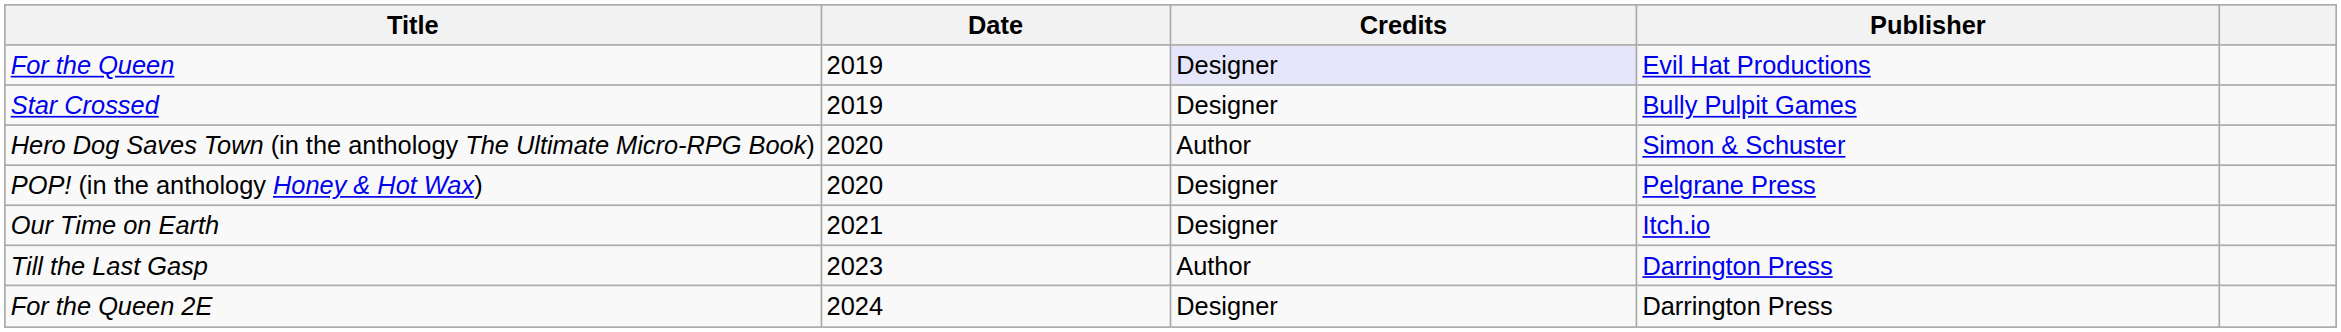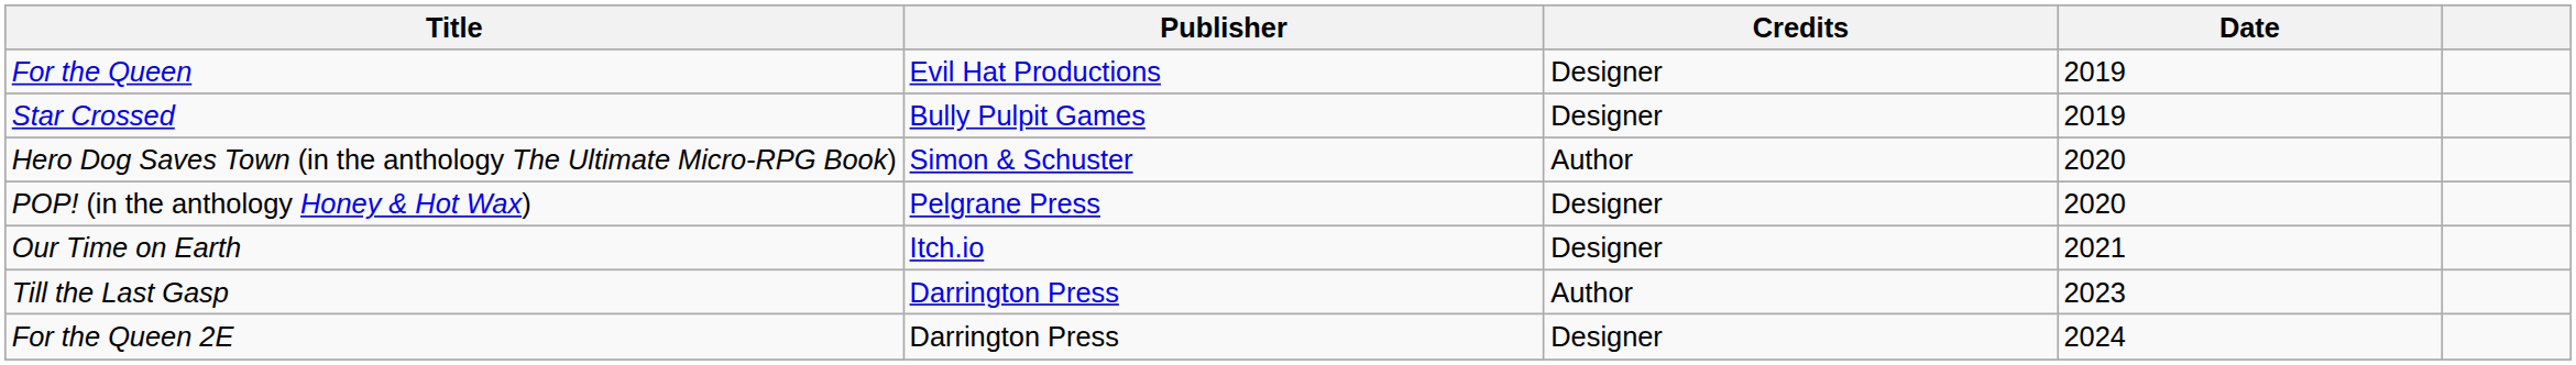 <table class="wikitable sortable" style="margins:auto; width=95%; font-size: 95%;">
 <tr>
 <th width="35%">Title</th>
+<th width="25%">Publisher</th>
+<th width="20%">Credits</th>
 <th width="15%">Date</th>
-<th width="20%">Credits</th>
-<th width="25%">Publisher</th>
 <th width="5%"></th>
 </tr>
 <tr>
 <td><a href='#'><em>For the Queen</em></a></td>
+<td><a href='#'>Evil Hat Productions</a></td>
+<td>Designer</td>
 <td>2019</td>
-<td style="background: lavender;">Designer</td>
-<td><a href='#'>Evil Hat Productions</a></td>
 <td></td>
 </tr>
 <tr>
 <td><em><a href='#'>Star Crossed</a></em></td>
+<td><a href='#'>Bully Pulpit Games</a></td>
+<td>Designer</td>
 <td>2019</td>
-<td>Designer</td>
-<td><a href='#'>Bully Pulpit Games</a></td>
 <td></td>
 </tr>
 <tr>
 <td><em>Hero Dog Saves Town</em> (in the anthology <em>The Ultimate Micro-RPG Book</em>)</td>
+<td><a href='#'>Simon & Schuster</a></td>
+<td>Author</td>
 <td>2020</td>
-<td>Author</td>
-<td><a href='#'>Simon & Schuster</a></td>
 <td></td>
 </tr>
 <tr>
 <td><em>POP!</em> (in the anthology <em><a href='#'>Honey & Hot Wax</a></em>)</td>
+<td><a href='#'>Pelgrane Press</a></td>
+<td>Designer</td>
 <td>2020</td>
-<td>Designer</td>
-<td><a href='#'>Pelgrane Press</a></td>
 <td></td>
 </tr>
 <tr>
 <td><em>Our Time on Earth</em></td>
+<td><a href='#'>Itch.io</a></td>
+<td>Designer</td>
 <td>2021</td>
-<td>Designer</td>
-<td><a href='#'>Itch.io</a></td>
 <td></td>
 </tr>
 <tr>
 <td><em>Till the Last Gasp</em></td>
+<td><a href='#'>Darrington Press</a></td>
+<td>Author</td>
 <td>2023</td>
-<td>Author</td>
-<td><a href='#'>Darrington Press</a></td>
 <td></td>
 </tr>
 <tr>
 <td><em>For the Queen 2E</em></td>
+<td>Darrington Press</td>
+<td>Designer</td>
 <td>2024</td>
-<td>Designer</td>
-<td>Darrington Press</td>
 <td></td>
 </tr>
 </table>
